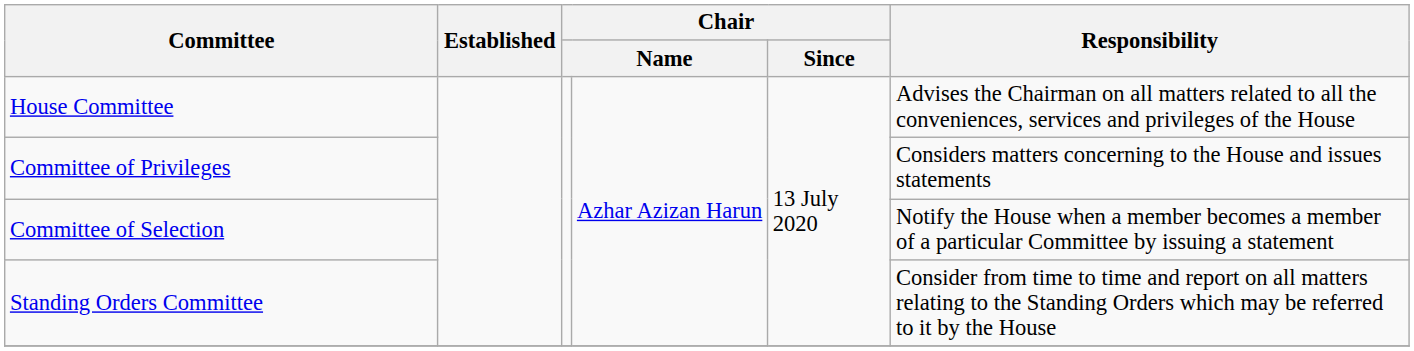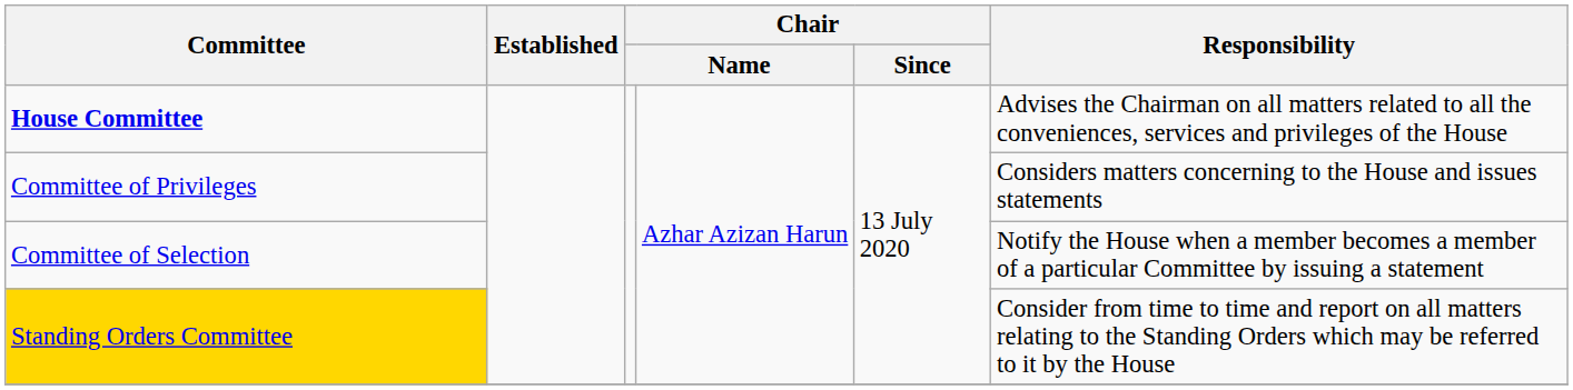 <table class="wikitable">
 <tr>
 <th width=300 rowspan="2">Committee</th>
 <th width=80 rowspan="2">Established</th>
 <th width=90 colspan="3">Chair</th>
 <th width=360 rowspan="2">Responsibility</th>
 </tr>
 <tr>
 <th width=60 colspan="2">Name</th>
 <th width=80>Since</th>
 </tr>
 <tr>
-<td><a href='#'>House Committee</a></td>
+<td><strong><a href='#'>House Committee</a></strong></td>
 <td rowspan=4></td>
 <td rowspan=4></td>
 <td rowspan="4" rolspan="4"><a href='#'>Azhar Azizan Harun</a></td>
 <td rowspan="4" rolspan="4">13 July 2020</td>
 <td style="vertical-align: top;">Advises the Chairman on all matters related to all the conveniences, services and privileges of the House</td>
 </tr>
 <tr>
 <td><a href='#'>Committee of Privileges</a></td>
 <td>Considers matters concerning to the House and issues statements</td>
 </tr>
 <tr>
 <td><a href='#'>Committee of Selection</a></td>
 <td>Notify the House when a member becomes a member of a particular Committee by issuing a statement</td>
 </tr>
 <tr>
-<td><a href='#'>Standing Orders Committee</a></td>
+<td style="background: gold;"><a href='#'>Standing Orders Committee</a></td>
 <td>Consider from time to time and report on all matters relating to the Standing Orders which may be referred to it by the House</td>
 </tr>
 <tr>
 </tr>
 </table>
